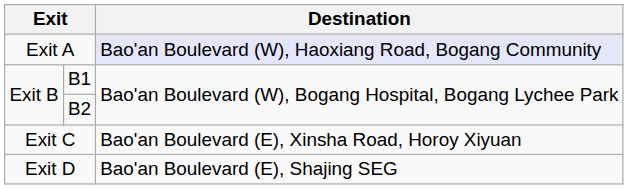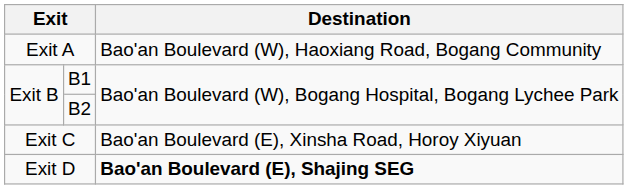 <table class="wikitable">
 <tr>
 <th colspan="2" style="width:70px">Exit</th>
 <th>Destination</th>
 </tr>
 <tr>
 <td colspan="2" align="center">Exit A</td>
-<td style="background: lavender;">Bao'an Boulevard (W), Haoxiang Road, Bogang Community</td>
+<td>Bao'an Boulevard (W), Haoxiang Road, Bogang Community</td>
 </tr>
 <tr>
 <td rowspan="2" align="center">Exit B</td>
 <td>B1</td>
 <td rowspan="2">Bao'an Boulevard (W), Bogang Hospital, Bogang Lychee Park</td>
 </tr>
 <tr>
 <td>B2</td>
 </tr>
 <tr>
 <td colspan="2" align="center">Exit C</td>
 <td>Bao'an Boulevard (E), Xinsha Road, Horoy Xiyuan</td>
 </tr>
 <tr>
 <td colspan="2" align="center">Exit D</td>
-<td>Bao'an Boulevard (E), Shajing SEG</td>
+<td><strong>Bao'an Boulevard (E), Shajing SEG</strong></td>
 </tr>
 </table>
